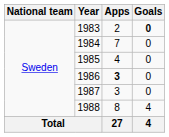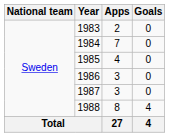 <table class="wikitable" style="text-align:center">
 <tr>
 <th>National team</th>
 <th>Year</th>
 <th>Apps</th>
 <th>Goals</th>
 </tr>
 <tr>
 <td rowspan="6"><a href='#'>Sweden</a></td>
 <td>1983</td>
 <td>2</td>
-<td><strong>0</strong></td>
+<td>0</td>
 </tr>
 <tr>
 <td>1984</td>
 <td>7</td>
 <td>0</td>
 </tr>
 <tr>
 <td>1985</td>
 <td>4</td>
 <td>0</td>
 </tr>
 <tr>
 <td>1986</td>
-<td><strong>3</strong></td>
+<td>3</td>
 <td>0</td>
 </tr>
 <tr>
 <td>1987</td>
 <td>3</td>
 <td>0</td>
 </tr>
 <tr>
 <td>1988</td>
 <td>8</td>
 <td>4</td>
 </tr>
 <tr>
 <th colspan="2">Total</th>
 <th>27</th>
 <th>4</th>
 </tr>
 </table>
